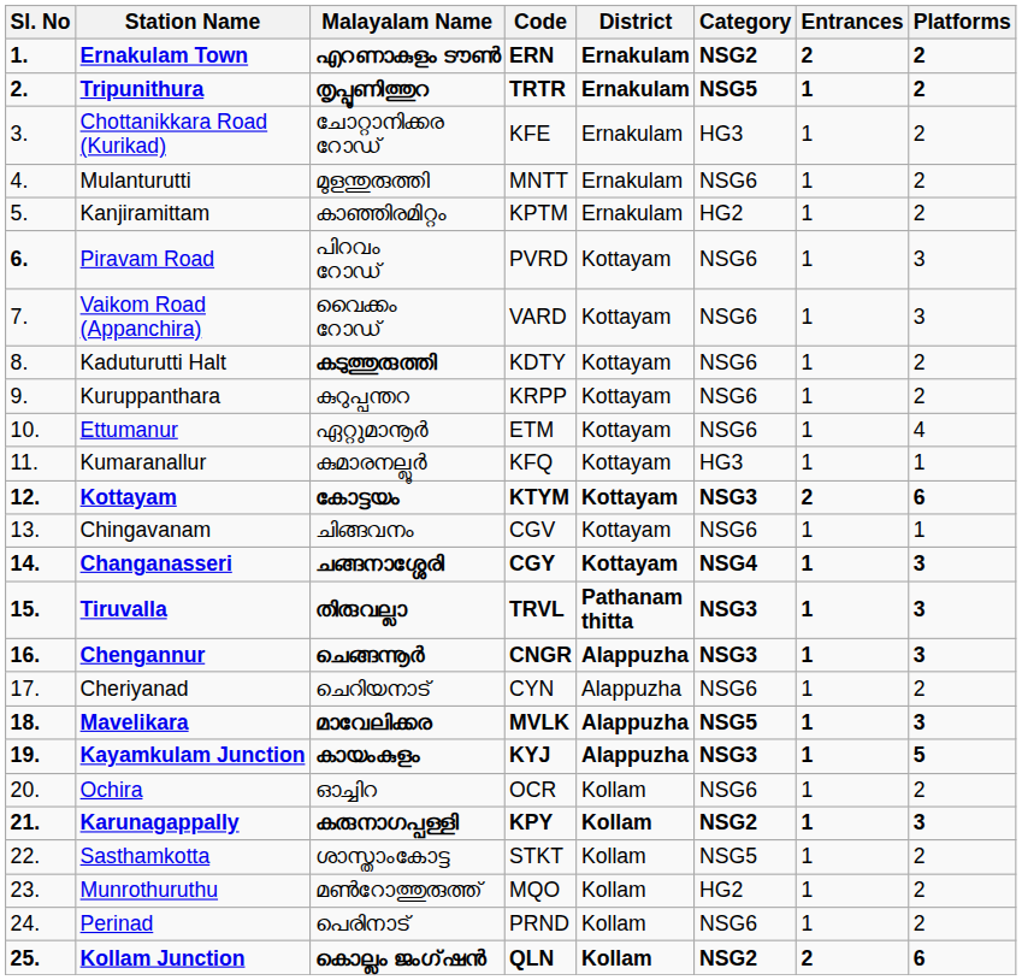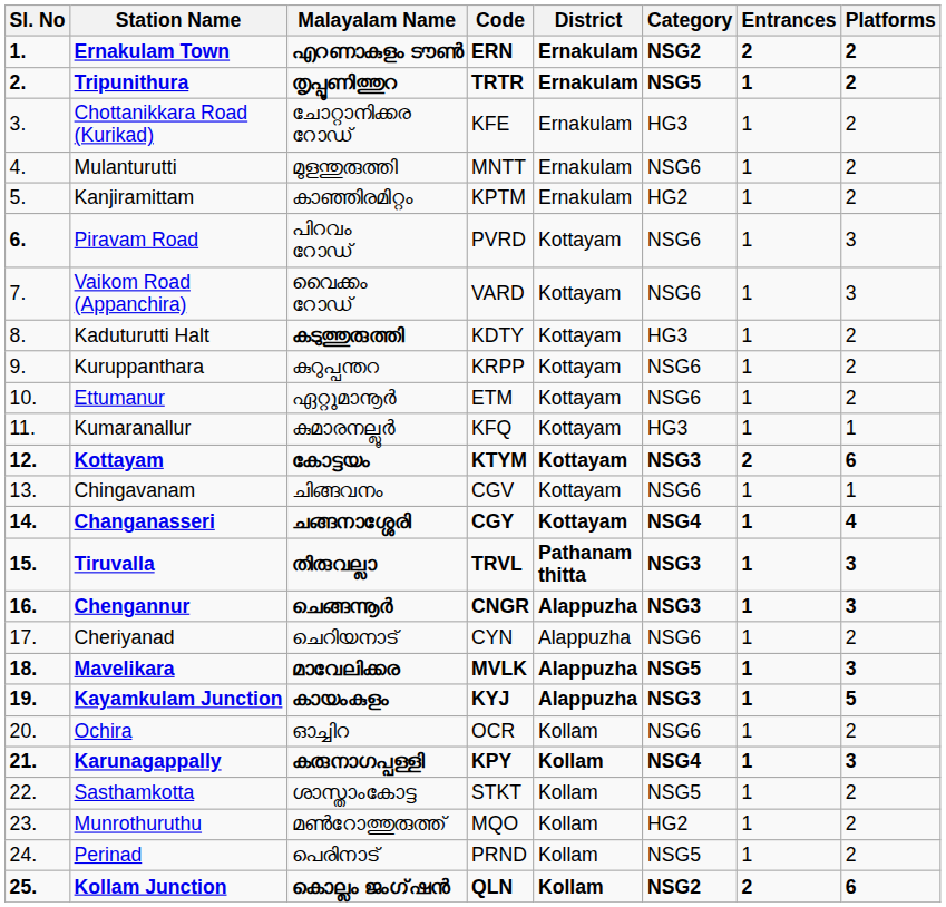 <table class="wikitable">
 <tr>
 <th>Sl. No</th>
 <th>Station Name</th>
 <th>Malayalam Name</th>
 <th>Code</th>
 <th>District</th>
 <th>Category</th>
 <th>Entrances</th>
 <th>Platforms</th>
 </tr>
 <tr>
 <td><strong>1.</strong></td>
 <td><a href='#'><strong>Ernakulam Town</strong></a></td>
 <td><strong>എറണാകുളം ടൗൺ</strong></td>
 <td><strong>ERN</strong></td>
 <td><strong>Ernakulam</strong></td>
 <td><strong>NSG2</strong></td>
 <td><strong>2</strong></td>
 <td><strong>2</strong></td>
 </tr>
 <tr>
 <td><strong>2.</strong></td>
 <td><a href='#'><strong>Tripunithura</strong></a></td>
 <td><strong>തൃപ്പൂണിത്തുറ</strong></td>
 <td><strong>TRTR</strong></td>
 <td><strong>Ernakulam</strong></td>
 <td><strong>NSG5</strong></td>
 <td><strong>1</strong></td>
 <td><strong>2</strong></td>
 </tr>
 <tr>
 <td>3.</td>
 <td><a href='#'>Chottanikkara Road <br>(Kurikad)</a></td>
 <td>ചോറ്റാനിക്കര<br> റോഡ്</td>
 <td>KFE</td>
 <td>Ernakulam</td>
 <td>HG3</td>
 <td>1</td>
 <td>2</td>
 </tr>
 <tr>
 <td>4.</td>
 <td>Mulanturutti</td>
 <td>മുളന്തുരുത്തി</td>
 <td>MNTT</td>
 <td>Ernakulam</td>
 <td>NSG6</td>
 <td>1</td>
 <td>2</td>
 </tr>
 <tr>
 <td>5.</td>
 <td>Kanjiramittam</td>
 <td>കാഞ്ഞിരമിറ്റം</td>
 <td>KPTM</td>
 <td>Ernakulam</td>
 <td>HG2</td>
 <td>1</td>
 <td>2</td>
 </tr>
 <tr>
 <td><strong>6.</strong></td>
 <td><a href='#'>Piravam Road</a></td>
 <td>പിറവം<br> റോഡ്</td>
 <td>PVRD</td>
 <td>Kottayam</td>
 <td>NSG6</td>
 <td>1</td>
 <td>3</td>
 </tr>
 <tr>
 <td>7.</td>
 <td><a href='#'>Vaikom Road<br>(Appanchira)</a></td>
 <td>വൈക്കം<br> റോഡ്</td>
 <td>VARD</td>
 <td>Kottayam</td>
 <td>NSG6</td>
 <td>1</td>
 <td>3</td>
 </tr>
 <tr>
 <td>8.</td>
 <td>Kaduturutti Halt</td>
 <td><strong>കടുത്തുരുത്തി</strong></td>
 <td>KDTY</td>
 <td>Kottayam</td>
-<td>NSG6</td>
+<td>HG3</td>
 <td>1</td>
 <td>2</td>
 </tr>
 <tr>
 <td>9.</td>
 <td>Kuruppanthara</td>
 <td>കുറുപ്പന്തറ</td>
 <td>KRPP</td>
 <td>Kottayam</td>
 <td>NSG6</td>
 <td>1</td>
 <td>2</td>
 </tr>
 <tr>
 <td>10.</td>
 <td><a href='#'>Ettumanur</a></td>
 <td>ഏറ്റുമാനൂർ</td>
 <td>ETM</td>
 <td>Kottayam</td>
 <td>NSG6</td>
 <td>1</td>
-<td>4</td>
+<td>2</td>
 </tr>
 <tr>
 <td>11.</td>
 <td>Kumaranallur</td>
 <td>കുമാരനല്ലൂർ</td>
 <td>KFQ</td>
 <td>Kottayam</td>
 <td>HG3</td>
 <td>1</td>
 <td>1</td>
 </tr>
 <tr>
 <td><strong>12.</strong></td>
 <td><a href='#'><strong>Kottayam</strong></a></td>
 <td><strong>കോട്ടയം</strong></td>
 <td><strong>KTYM</strong></td>
 <td><strong>Kottayam</strong></td>
 <td><strong>NSG3</strong></td>
 <td><strong>2</strong></td>
 <td><strong>6</strong></td>
 </tr>
 <tr>
 <td>13.</td>
 <td>Chingavanam</td>
 <td>ചിങ്ങവനം</td>
 <td>CGV</td>
 <td>Kottayam</td>
 <td>NSG6</td>
 <td>1</td>
 <td>1</td>
 </tr>
 <tr>
 <td><strong>14.</strong></td>
 <td><a href='#'><strong>Changanasseri</strong></a></td>
 <td><strong>ചങ്ങനാശ്ശേരി</strong></td>
 <td><strong>CGY</strong></td>
 <td><strong>Kottayam</strong></td>
 <td><strong>NSG4</strong></td>
 <td><strong>1</strong></td>
-<td><strong>3</strong></td>
+<td><strong>4</strong></td>
 </tr>
 <tr>
 <td><strong>15.</strong></td>
 <td><a href='#'><strong>Tiruvalla</strong></a></td>
 <td><strong>തിരുവല്ലാ</strong></td>
 <td><strong>TRVL</strong></td>
 <td><strong>Pathanam<br>thitta</strong></td>
 <td><strong>NSG3</strong></td>
 <td><strong>1</strong></td>
 <td><strong>3</strong></td>
 </tr>
 <tr>
 <td><strong>16.</strong></td>
 <td><a href='#'><strong>Chengannur</strong></a></td>
 <td><strong>ചെങ്ങന്നൂർ</strong></td>
 <td><strong>CNGR</strong></td>
 <td><strong>Alappuzha</strong></td>
 <td><strong>NSG3</strong></td>
 <td><strong>1</strong></td>
 <td><strong>3</strong></td>
 </tr>
 <tr>
 <td>17.</td>
 <td>Cheriyanad</td>
 <td>ചെറിയനാട്</td>
 <td>CYN</td>
 <td>Alappuzha</td>
 <td>NSG6</td>
 <td>1</td>
 <td>2</td>
 </tr>
 <tr>
 <td><strong>18.</strong></td>
 <td><a href='#'><strong>Mavelikara</strong></a></td>
 <td><strong>മാവേലിക്കര</strong></td>
 <td><strong>MVLK</strong></td>
 <td><strong>Alappuzha</strong></td>
 <td><strong>NSG5</strong></td>
 <td><strong>1</strong></td>
 <td><strong>3</strong></td>
 </tr>
 <tr>
 <td><strong>19.</strong></td>
 <td><a href='#'><strong>Kayamkulam Junction</strong></a></td>
 <td><strong>കായംകുളം</strong></td>
 <td><strong>KYJ</strong></td>
 <td><strong>Alappuzha</strong></td>
 <td><strong>NSG3</strong></td>
 <td><strong>1</strong></td>
 <td><strong>5</strong></td>
 </tr>
 <tr>
 <td>20.</td>
 <td><a href='#'>Ochira</a></td>
 <td>ഓച്ചിറ</td>
 <td>OCR</td>
 <td>Kollam</td>
 <td>NSG6</td>
 <td>1</td>
 <td>2</td>
 </tr>
 <tr>
 <td><strong>21.</strong></td>
 <td><a href='#'><strong>Karunagappally</strong></a></td>
 <td><strong>കരുനാഗപ്പള്ളി</strong></td>
 <td><strong>KPY</strong></td>
 <td><strong>Kollam</strong></td>
-<td><strong>NSG2</strong></td>
+<td><strong>NSG4</strong></td>
 <td><strong>1</strong></td>
 <td><strong>3</strong></td>
 </tr>
 <tr>
 <td>22.</td>
 <td><a href='#'>Sasthamkotta</a></td>
 <td>ശാസ്താംകോട്ട</td>
 <td>STKT</td>
 <td>Kollam</td>
 <td>NSG5</td>
 <td>1</td>
 <td>2</td>
 </tr>
 <tr>
 <td>23.</td>
 <td><a href='#'>Munrothuruthu</a></td>
 <td>മൺറോത്തുരുത്ത്</td>
 <td>MQO</td>
 <td>Kollam</td>
 <td>HG2</td>
 <td>1</td>
 <td>2</td>
 </tr>
 <tr>
 <td>24.</td>
 <td><a href='#'>Perinad</a></td>
 <td>പെരിനാട്</td>
 <td>PRND</td>
 <td>Kollam</td>
-<td>NSG6</td>
+<td>NSG5</td>
 <td>1</td>
 <td>2</td>
 </tr>
 <tr>
 <td><strong>25.</strong></td>
 <td><a href='#'><strong>Kollam Junction</strong></a></td>
 <td><strong>കൊല്ലം ജംഗ്‌ഷൻ</strong></td>
 <td><strong>QLN</strong></td>
 <td><strong>Kollam</strong></td>
 <td><strong>NSG2</strong></td>
 <td><strong>2</strong></td>
 <td><strong>6</strong></td>
 </tr>
 </table>
